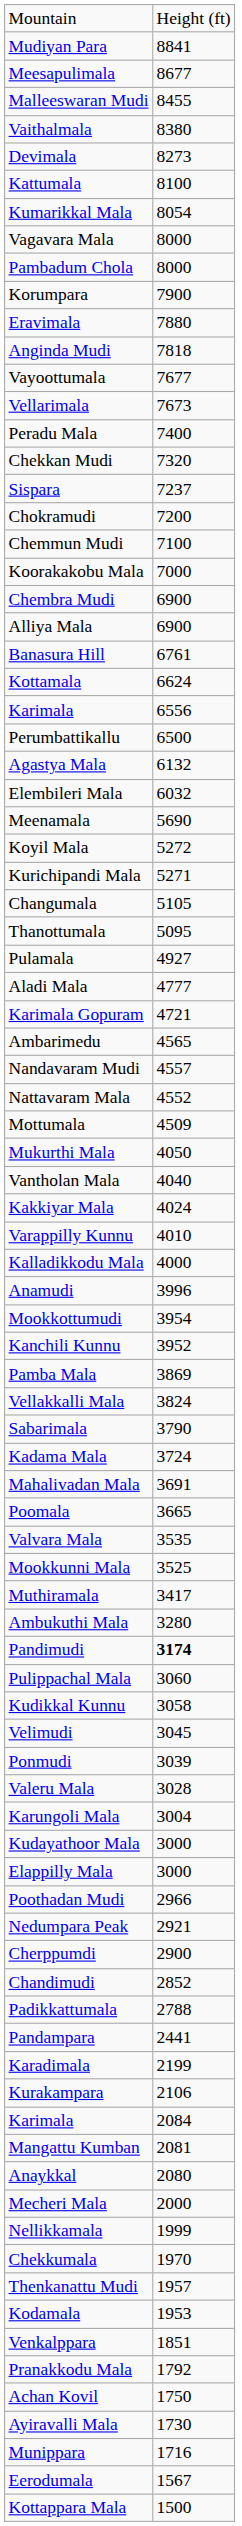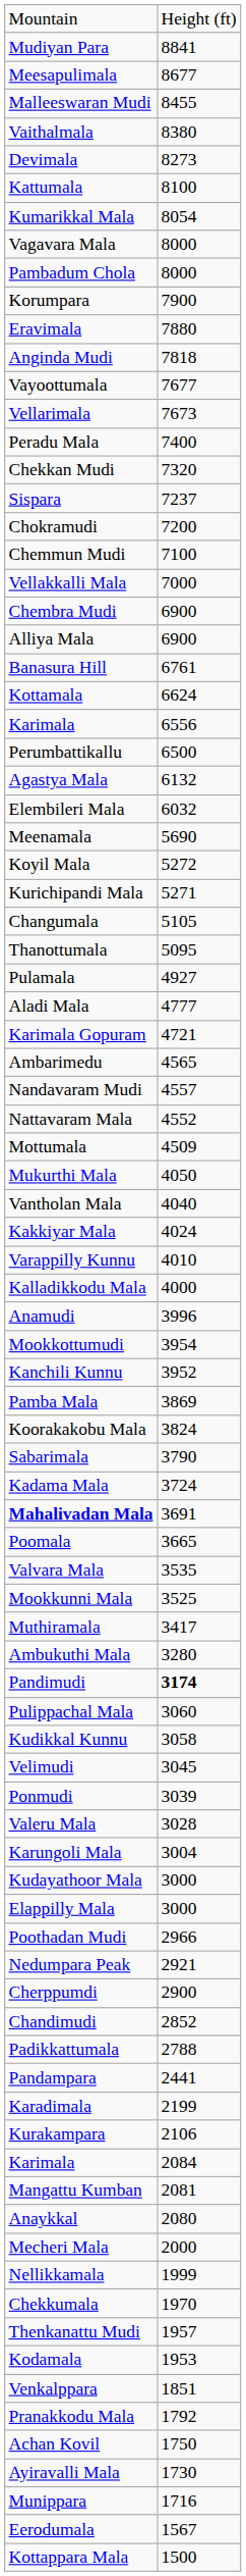 <table class="wikitable sortable">
 <tr>
 <td>Mountain</td>
 <td>Height (ft)</td>
 </tr>
 <tr>
 <td><a href='#'>Mudiyan  Para</a></td>
 <td>8841</td>
 </tr>
 <tr>
 <td><a href='#'>Meesapulimala</a></td>
 <td>8677</td>
 </tr>
 <tr>
 <td><a href='#'>Malleeswaran Mudi</a></td>
 <td>8455</td>
 </tr>
 <tr>
 <td><a href='#'>Vaithalmala</a></td>
 <td>8380</td>
 </tr>
 <tr>
 <td><a href='#'>Devimala</a></td>
 <td>8273</td>
 </tr>
 <tr>
 <td><a href='#'>Kattumala</a></td>
 <td>8100</td>
 </tr>
 <tr>
 <td><a href='#'>Kumarikkal  Mala</a></td>
 <td>8054</td>
 </tr>
 <tr>
 <td>Vagavara  Mala</td>
 <td>8000</td>
 </tr>
 <tr>
 <td><a href='#'>Pambadum  Chola</a></td>
 <td>8000</td>
 </tr>
 <tr>
 <td>Korumpara</td>
 <td>7900</td>
 </tr>
 <tr>
 <td><a href='#'>Eravimala</a></td>
 <td>7880</td>
 </tr>
 <tr>
 <td><a href='#'>Anginda  Mudi</a></td>
 <td>7818</td>
 </tr>
 <tr>
 <td>Vayoottumala</td>
 <td>7677</td>
 </tr>
 <tr>
 <td><a href='#'>Vellarimala</a></td>
 <td>7673</td>
 </tr>
 <tr>
 <td>Peradu  Mala</td>
 <td>7400</td>
 </tr>
 <tr>
 <td>Chekkan  Mudi</td>
 <td>7320</td>
 </tr>
 <tr>
 <td><a href='#'>Sispara</a></td>
 <td>7237</td>
 </tr>
 <tr>
 <td>Chokramudi</td>
 <td>7200</td>
 </tr>
 <tr>
 <td>Chemmun  Mudi</td>
 <td>7100</td>
 </tr>
 <tr>
-<td>Koorakakobu  Mala</td>
+<td><a href='#'>Vellakkalli  Mala</a></td>
 <td>7000</td>
 </tr>
 <tr>
 <td><a href='#'>Chembra  Mudi</a></td>
 <td>6900</td>
 </tr>
 <tr>
 <td>Alliya  Mala</td>
 <td>6900</td>
 </tr>
 <tr>
 <td><a href='#'>Banasura  Hill</a></td>
 <td>6761</td>
 </tr>
 <tr>
 <td><a href='#'>Kottamala</a></td>
 <td>6624</td>
 </tr>
 <tr>
 <td><a href='#'>Karimala</a></td>
 <td>6556</td>
 </tr>
 <tr>
 <td>Perumbattikallu</td>
 <td>6500</td>
 </tr>
 <tr>
 <td><a href='#'>Agastya  Mala</a></td>
 <td>6132</td>
 </tr>
 <tr>
 <td>Elembileri  Mala</td>
 <td>6032</td>
 </tr>
 <tr>
 <td>Meenamala</td>
 <td>5690</td>
 </tr>
 <tr>
 <td>Koyil  Mala</td>
 <td>5272</td>
 </tr>
 <tr>
 <td>Kurichipandi  Mala</td>
 <td>5271</td>
 </tr>
 <tr>
 <td>Changumala</td>
 <td>5105</td>
 </tr>
 <tr>
 <td>Thanottumala</td>
 <td>5095</td>
 </tr>
 <tr>
 <td>Pulamala</td>
 <td>4927</td>
 </tr>
 <tr>
 <td>Aladi  Mala</td>
 <td>4777</td>
 </tr>
 <tr>
 <td><a href='#'>Karimala  Gopuram</a></td>
 <td>4721</td>
 </tr>
 <tr>
 <td>Ambarimedu</td>
 <td>4565</td>
 </tr>
 <tr>
 <td>Nandavaram  Mudi</td>
 <td>4557</td>
 </tr>
 <tr>
 <td>Nattavaram  Mala</td>
 <td>4552</td>
 </tr>
 <tr>
 <td>Mottumala</td>
 <td>4509</td>
 </tr>
 <tr>
 <td><a href='#'>Mukurthi  Mala</a></td>
 <td>4050</td>
 </tr>
 <tr>
 <td>Vantholan  Mala</td>
 <td>4040</td>
 </tr>
 <tr>
 <td><a href='#'>Kakkiyar  Mala</a></td>
 <td>4024</td>
 </tr>
 <tr>
 <td><a href='#'>Varappilly  Kunnu</a></td>
 <td>4010</td>
 </tr>
 <tr>
 <td><a href='#'>Kalladikkodu  Mala</a></td>
 <td>4000</td>
 </tr>
 <tr>
 <td><a href='#'>Anamudi</a></td>
 <td>3996</td>
 </tr>
 <tr>
 <td><a href='#'>Mookkottumudi</a></td>
 <td>3954</td>
 </tr>
 <tr>
 <td><a href='#'>Kanchili  Kunnu</a></td>
 <td>3952</td>
 </tr>
 <tr>
 <td><a href='#'>Pamba  Mala</a></td>
 <td>3869</td>
 </tr>
 <tr>
-<td><a href='#'>Vellakkalli  Mala</a></td>
+<td>Koorakakobu  Mala</td>
 <td>3824</td>
 </tr>
 <tr>
 <td><a href='#'>Sabarimala</a></td>
 <td>3790</td>
 </tr>
 <tr>
 <td><a href='#'>Kadama  Mala</a></td>
 <td>3724</td>
 </tr>
 <tr>
-<td><a href='#'>Mahalivadan  Mala</a></td>
+<td><strong><a href='#'>Mahalivadan  Mala</a></strong></td>
 <td>3691</td>
 </tr>
 <tr>
 <td><a href='#'>Poomala</a></td>
 <td>3665</td>
 </tr>
 <tr>
 <td><a href='#'>Valvara  Mala</a></td>
 <td>3535</td>
 </tr>
 <tr>
 <td><a href='#'>Mookkunni  Mala</a></td>
 <td>3525</td>
 </tr>
 <tr>
 <td><a href='#'>Muthiramala</a></td>
 <td>3417</td>
 </tr>
 <tr>
 <td><a href='#'>Ambukuthi  Mala</a></td>
 <td>3280</td>
 </tr>
 <tr>
 <td><a href='#'>Pandimudi</a></td>
 <td><strong>3174</strong></td>
 </tr>
 <tr>
 <td><a href='#'>Pulippachal  Mala</a></td>
 <td>3060</td>
 </tr>
 <tr>
 <td><a href='#'>Kudikkal  Kunnu</a></td>
 <td>3058</td>
 </tr>
 <tr>
 <td><a href='#'>Velimudi</a></td>
 <td>3045</td>
 </tr>
 <tr>
 <td><a href='#'>Ponmudi</a></td>
 <td>3039</td>
 </tr>
 <tr>
 <td><a href='#'>Valeru  Mala</a></td>
 <td>3028</td>
 </tr>
 <tr>
 <td><a href='#'>Karungoli  Mala</a></td>
 <td>3004</td>
 </tr>
 <tr>
 <td><a href='#'>Kudayathoor  Mala</a></td>
 <td>3000</td>
 </tr>
 <tr>
 <td><a href='#'>Elappilly  Mala</a></td>
 <td>3000</td>
 </tr>
 <tr>
 <td><a href='#'>Poothadan  Mudi</a></td>
 <td>2966</td>
 </tr>
 <tr>
 <td><a href='#'>Nedumpara  Peak</a></td>
 <td>2921</td>
 </tr>
 <tr>
 <td><a href='#'>Cherppumdi</a></td>
 <td>2900</td>
 </tr>
 <tr>
 <td><a href='#'>Chandimudi</a></td>
 <td>2852</td>
 </tr>
 <tr>
 <td><a href='#'>Padikkattumala</a></td>
 <td>2788</td>
 </tr>
 <tr>
 <td><a href='#'>Pandampara</a></td>
 <td>2441</td>
 </tr>
 <tr>
 <td><a href='#'>Karadimala</a></td>
 <td>2199</td>
 </tr>
 <tr>
 <td><a href='#'>Kurakampara</a></td>
 <td>2106</td>
 </tr>
 <tr>
 <td><a href='#'>Karimala</a></td>
 <td>2084</td>
 </tr>
 <tr>
 <td><a href='#'>Mangattu  Kumban</a></td>
 <td>2081</td>
 </tr>
 <tr>
 <td><a href='#'>Anaykkal</a></td>
 <td>2080</td>
 </tr>
 <tr>
 <td><a href='#'>Mecheri  Mala</a></td>
 <td>2000</td>
 </tr>
 <tr>
 <td><a href='#'>Nellikkamala</a></td>
 <td>1999</td>
 </tr>
 <tr>
 <td><a href='#'>Chekkumala</a></td>
 <td>1970</td>
 </tr>
 <tr>
 <td><a href='#'>Thenkanattu  Mudi</a></td>
 <td>1957</td>
 </tr>
 <tr>
 <td><a href='#'>Kodamala</a></td>
 <td>1953</td>
 </tr>
 <tr>
 <td><a href='#'>Venkalppara</a></td>
 <td>1851</td>
 </tr>
 <tr>
 <td><a href='#'>Pranakkodu  Mala</a></td>
 <td>1792</td>
 </tr>
 <tr>
 <td><a href='#'>Achan  Kovil</a></td>
 <td>1750</td>
 </tr>
 <tr>
 <td><a href='#'>Ayiravalli  Mala</a></td>
 <td>1730</td>
 </tr>
 <tr>
 <td><a href='#'>Munippara</a></td>
 <td>1716</td>
 </tr>
 <tr>
 <td><a href='#'>Eerodumala</a></td>
 <td>1567</td>
 </tr>
 <tr>
 <td><a href='#'>Kottappara  Mala</a></td>
 <td>1500</td>
 </tr>
 </table>
